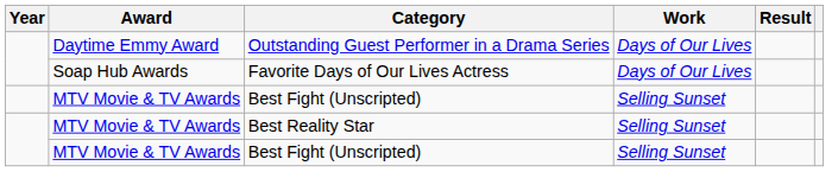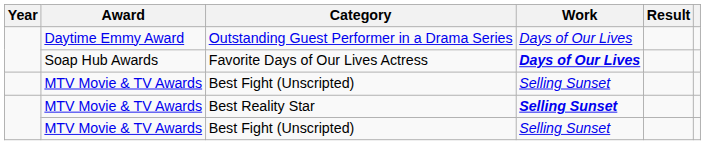 <table class="wikitable sortable plainrowheaders">
 <tr>
 <th>Year</th>
 <th>Award</th>
 <th>Category</th>
 <th>Work</th>
 <th>Result</th>
 <th scope="col" class="unsortable"></th>
 </tr>
 <tr>
 <td rowspan="2"></td>
 <td><a href='#'>Daytime Emmy Award</a></td>
 <td><a href='#'>Outstanding Guest Performer in a Drama Series</a></td>
 <td><em><a href='#'>Days of Our Lives</a></em></td>
 <td></td>
 <td></td>
 </tr>
 <tr>
 <td>Soap Hub Awards</td>
 <td>Favorite Days of Our Lives Actress</td>
-<td><em><a href='#'>Days of Our Lives</a></em></td>
+<td><strong><em><a href='#'>Days of Our Lives</a></em></strong></td>
 <td></td>
 <td></td>
 </tr>
 <tr>
 <td></td>
 <td><a href='#'>MTV Movie & TV Awards</a></td>
 <td>Best Fight (Unscripted)</td>
 <td><em><a href='#'>Selling Sunset</a></em></td>
 <td></td>
 <td></td>
 </tr>
 <tr>
 <td rowspan="2"></td>
 <td><a href='#'>MTV Movie & TV Awards</a></td>
 <td>Best Reality Star</td>
-<td><em><a href='#'>Selling Sunset</a></em></td>
+<td><strong><em><a href='#'>Selling Sunset</a></em></strong></td>
 <td></td>
 <td></td>
 </tr>
 <tr>
 <td><a href='#'>MTV Movie & TV Awards</a></td>
 <td>Best Fight (Unscripted)</td>
 <td><em><a href='#'>Selling Sunset</a></em></td>
 <td></td>
 <td></td>
 </tr>
 </table>
